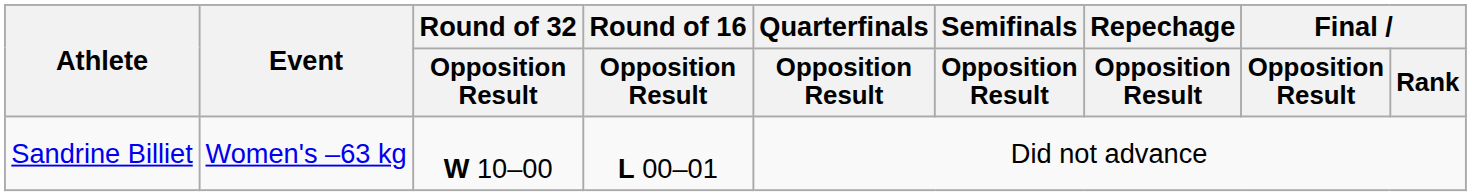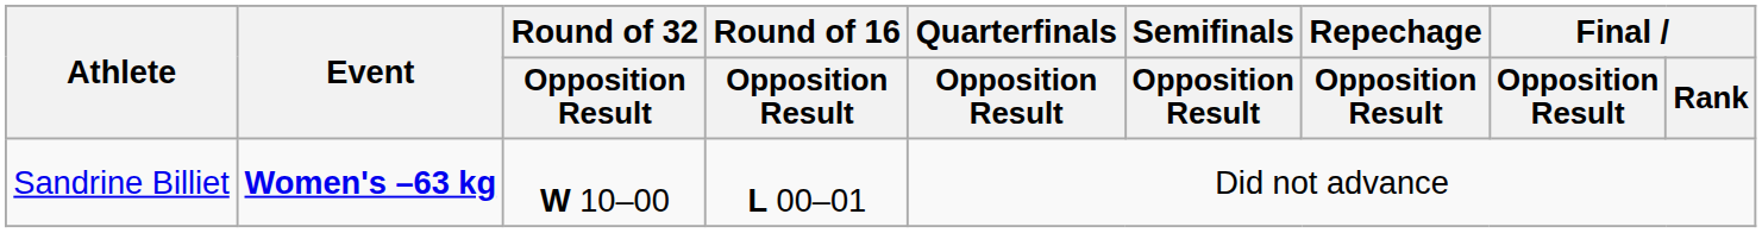 <table class="wikitable" style="font-size:90%">
 <tr>
 <th rowspan="2">Athlete</th>
 <th rowspan="2">Event</th>
 <th>Round of 32</th>
 <th>Round of 16</th>
 <th>Quarterfinals</th>
 <th>Semifinals</th>
 <th>Repechage</th>
 <th colspan=2>Final / </th>
 </tr>
 <tr style="font-size:95%">
 <th>Opposition<br>Result</th>
 <th>Opposition<br>Result</th>
 <th>Opposition<br>Result</th>
 <th>Opposition<br>Result</th>
 <th>Opposition<br>Result</th>
 <th>Opposition<br>Result</th>
 <th>Rank</th>
 </tr>
 <tr align=center>
 <td align=left><a href='#'>Sandrine Billiet</a></td>
-<td align=left><a href='#'>Women's –63 kg</a></td>
+<td align=left><strong><a href='#'>Women's –63 kg</a></strong></td>
 <td><br><strong>W</strong> 10–00</td>
 <td><br><strong>L</strong> 00–01</td>
 <td colspan=5>Did not advance</td>
 </tr>
 </table>
